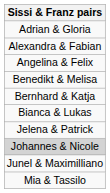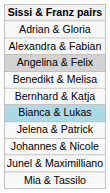 <table class="wikitable" style="text-align:center;">
 <tr>
 <th>Sissi & Franz pairs</th>
 </tr>
 <tr>
 <td>Adrian & Gloria</td>
 </tr>
 <tr>
 <td>Alexandra & Fabian</td>
 </tr>
 <tr>
-<td>Angelina & Felix</td>
+<td style="background: lightgrey;">Angelina & Felix</td>
 </tr>
 <tr>
 <td>Benedikt & Melisa</td>
 </tr>
 <tr>
 <td>Bernhard & Katja</td>
 </tr>
 <tr>
-<td>Bianca & Lukas</td>
+<td style="background: lightblue;">Bianca & Lukas</td>
 </tr>
 <tr>
 <td>Jelena & Patrick</td>
 </tr>
 <tr>
-<td style="background: lightgrey;">Johannes & Nicole</td>
+<td>Johannes & Nicole</td>
 </tr>
 <tr>
 <td>Junel & Maximilliano</td>
 </tr>
 <tr>
 <td>Mia & Tassilo</td>
 </tr>
 </table>
